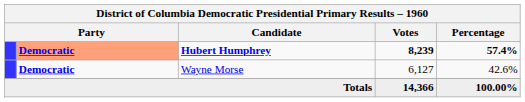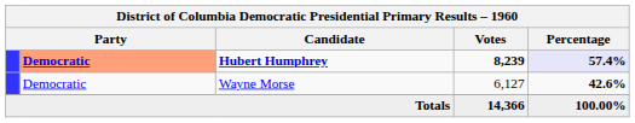 <table class="wikitable" style="font-size: 95%;">
 <tr>
 <th colspan="7">District of Columbia  Democratic Presidential Primary Results – 1960</th>
 </tr>
 <tr>
 <th colspan="2" style="width: 15em">Party</th>
 <th style="width: 17em">Candidate</th>
 <th style="width: 5em">Votes</th>
 <th style="width: 7em">Percentage</th>
 </tr>
 <tr>
 <th style="background-color:#3333FF; width: 3px"></th>
 <td style="background: lightsalmon; width: 130px"><strong><a href='#'>Democratic</a></strong></td>
 <td><strong><a href='#'>Hubert Humphrey</a></strong></td>
 <td align="right"><strong>8,239</strong></td>
-<td align="right"><strong>57.4%</strong></td>
+<td align="right" style="background: lavender;"><strong>57.4%</strong></td>
 </tr>
 <tr>
 <th style="background-color:#3333FF; width: 3px"></th>
-<td style="width: 130px"><strong><a href='#'>Democratic</a></strong></td>
+<td style="width: 130px"><a href='#'>Democratic</a></td>
 <td><a href='#'>Wayne Morse</a></td>
 <td align="right">6,127</td>
-<td align="right">42.6%</td>
+<td align="right"><strong>42.6%</strong></td>
 </tr>
 <tr>
 </tr>
 <tr bgcolor="#EEEEEE">
 <td colspan="3" align="right"><strong>Totals</strong></td>
 <td align="right"><strong>14,366</strong></td>
 <td align="right"><strong>100.00%</strong></td>
 </tr>
 </table>
